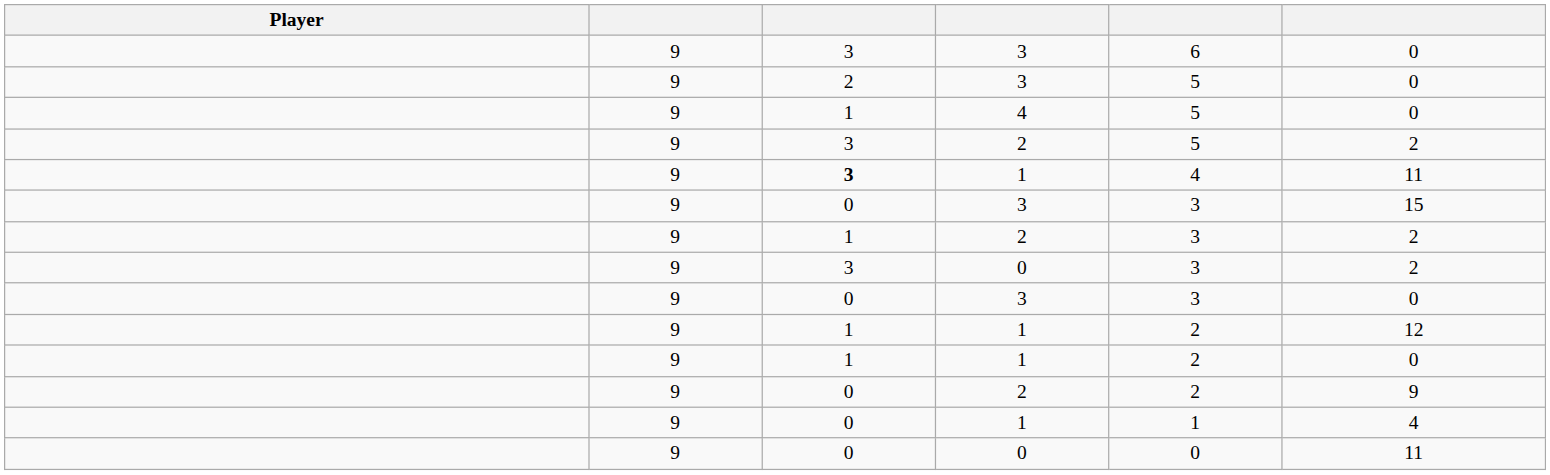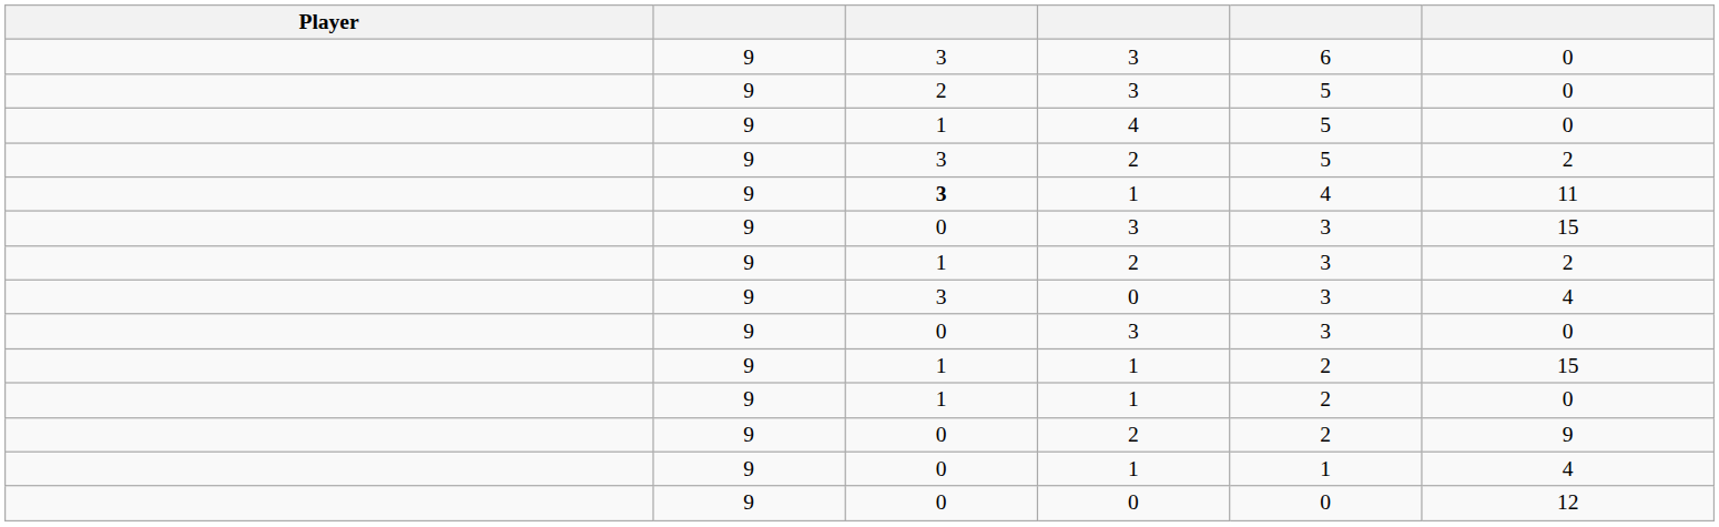 <table class="wikitable sortable" style="width:100%;">
 <tr align=center>
 <th>Player</th>
 <th></th>
 <th></th>
 <th></th>
 <th></th>
 <th></th>
 </tr>
 <tr align=center>
 <td></td>
 <td>9</td>
 <td>3</td>
 <td>3</td>
 <td>6</td>
 <td>0</td>
 </tr>
 <tr align=center>
 <td></td>
 <td>9</td>
 <td>2</td>
 <td>3</td>
 <td>5</td>
 <td>0</td>
 </tr>
 <tr align=center>
 <td></td>
 <td>9</td>
 <td>1</td>
 <td>4</td>
 <td>5</td>
 <td>0</td>
 </tr>
 <tr align=center>
 <td></td>
 <td>9</td>
 <td>3</td>
 <td>2</td>
 <td>5</td>
 <td>2</td>
 </tr>
 <tr align=center>
 <td></td>
 <td>9</td>
 <td><strong>3</strong></td>
 <td>1</td>
 <td>4</td>
 <td>11</td>
 </tr>
 <tr align=center>
 <td></td>
 <td>9</td>
 <td>0</td>
 <td>3</td>
 <td>3</td>
 <td>15</td>
 </tr>
 <tr align=center>
 <td></td>
 <td>9</td>
 <td>1</td>
 <td>2</td>
 <td>3</td>
 <td>2</td>
 </tr>
 <tr align=center>
 <td></td>
 <td>9</td>
 <td>3</td>
 <td>0</td>
 <td>3</td>
-<td>2</td>
+<td>4</td>
 </tr>
 <tr align=center>
 <td></td>
 <td>9</td>
 <td>0</td>
 <td>3</td>
 <td>3</td>
 <td>0</td>
 </tr>
 <tr align=center>
 <td></td>
 <td>9</td>
 <td>1</td>
 <td>1</td>
 <td>2</td>
-<td>12</td>
+<td>15</td>
 </tr>
 <tr align=center>
 <td></td>
 <td>9</td>
 <td>1</td>
 <td>1</td>
 <td>2</td>
 <td>0</td>
 </tr>
 <tr align=center>
 <td></td>
 <td>9</td>
 <td>0</td>
 <td>2</td>
 <td>2</td>
 <td>9</td>
 </tr>
 <tr align=center>
 <td></td>
 <td>9</td>
 <td>0</td>
 <td>1</td>
 <td>1</td>
 <td>4</td>
 </tr>
 <tr align=center>
 <td></td>
 <td>9</td>
 <td>0</td>
 <td>0</td>
 <td>0</td>
-<td>11</td>
+<td>12</td>
 </tr>
 </table>
